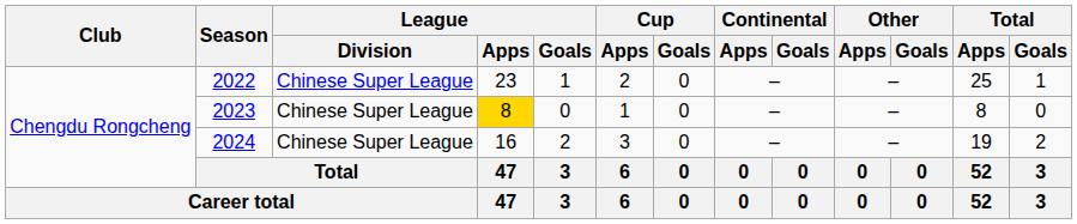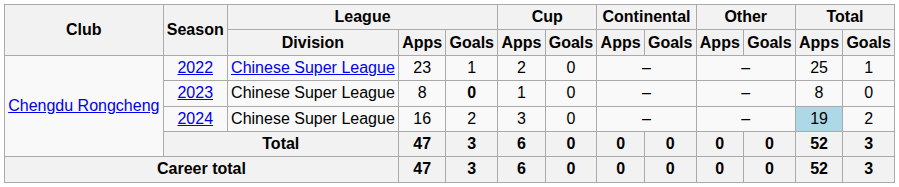 <table class="wikitable" style="text-align: center">
 <tr>
 <th rowspan="2">Club</th>
 <th rowspan="2">Season</th>
 <th colspan="3">League</th>
 <th colspan="2">Cup</th>
 <th colspan="2">Continental</th>
 <th colspan="2">Other</th>
 <th colspan="2">Total</th>
 </tr>
 <tr>
 <th>Division</th>
 <th>Apps</th>
 <th>Goals</th>
 <th>Apps</th>
 <th>Goals</th>
 <th>Apps</th>
 <th>Goals</th>
 <th>Apps</th>
 <th>Goals</th>
 <th>Apps</th>
 <th>Goals</th>
 </tr>
 <tr>
 <td rowspan="4"><a href='#'>Chengdu Rongcheng</a></td>
 <td><a href='#'>2022</a></td>
 <td><a href='#'>Chinese Super League</a></td>
 <td>23</td>
 <td>1</td>
 <td>2</td>
 <td>0</td>
 <td colspan="2">–</td>
 <td colspan="2">–</td>
 <td>25</td>
 <td>1</td>
 </tr>
 <tr>
 <td><a href='#'>2023</a></td>
 <td>Chinese Super League</td>
-<td style="background: gold;">8</td>
-<td>0</td>
+<td>8</td>
+<td><strong>0</strong></td>
 <td>1</td>
 <td>0</td>
 <td colspan="2">–</td>
 <td colspan="2">–</td>
 <td>8</td>
 <td>0</td>
 </tr>
 <tr>
 <td><a href='#'>2024</a></td>
 <td>Chinese Super League</td>
 <td>16</td>
 <td>2</td>
 <td>3</td>
 <td>0</td>
 <td colspan="2">–</td>
 <td colspan="2">–</td>
-<td>19</td>
+<td style="background: lightblue;">19</td>
 <td>2</td>
 </tr>
 <tr>
 <th colspan=2>Total</th>
 <th>47</th>
 <th>3</th>
 <th>6</th>
 <th>0</th>
 <th>0</th>
 <th>0</th>
 <th>0</th>
 <th>0</th>
 <th>52</th>
 <th>3</th>
 </tr>
 <tr>
 <th colspan=3>Career total</th>
 <th>47</th>
 <th>3</th>
 <th>6</th>
 <th>0</th>
 <th>0</th>
 <th>0</th>
 <th>0</th>
 <th>0</th>
 <th>52</th>
 <th>3</th>
 </tr>
 </table>
